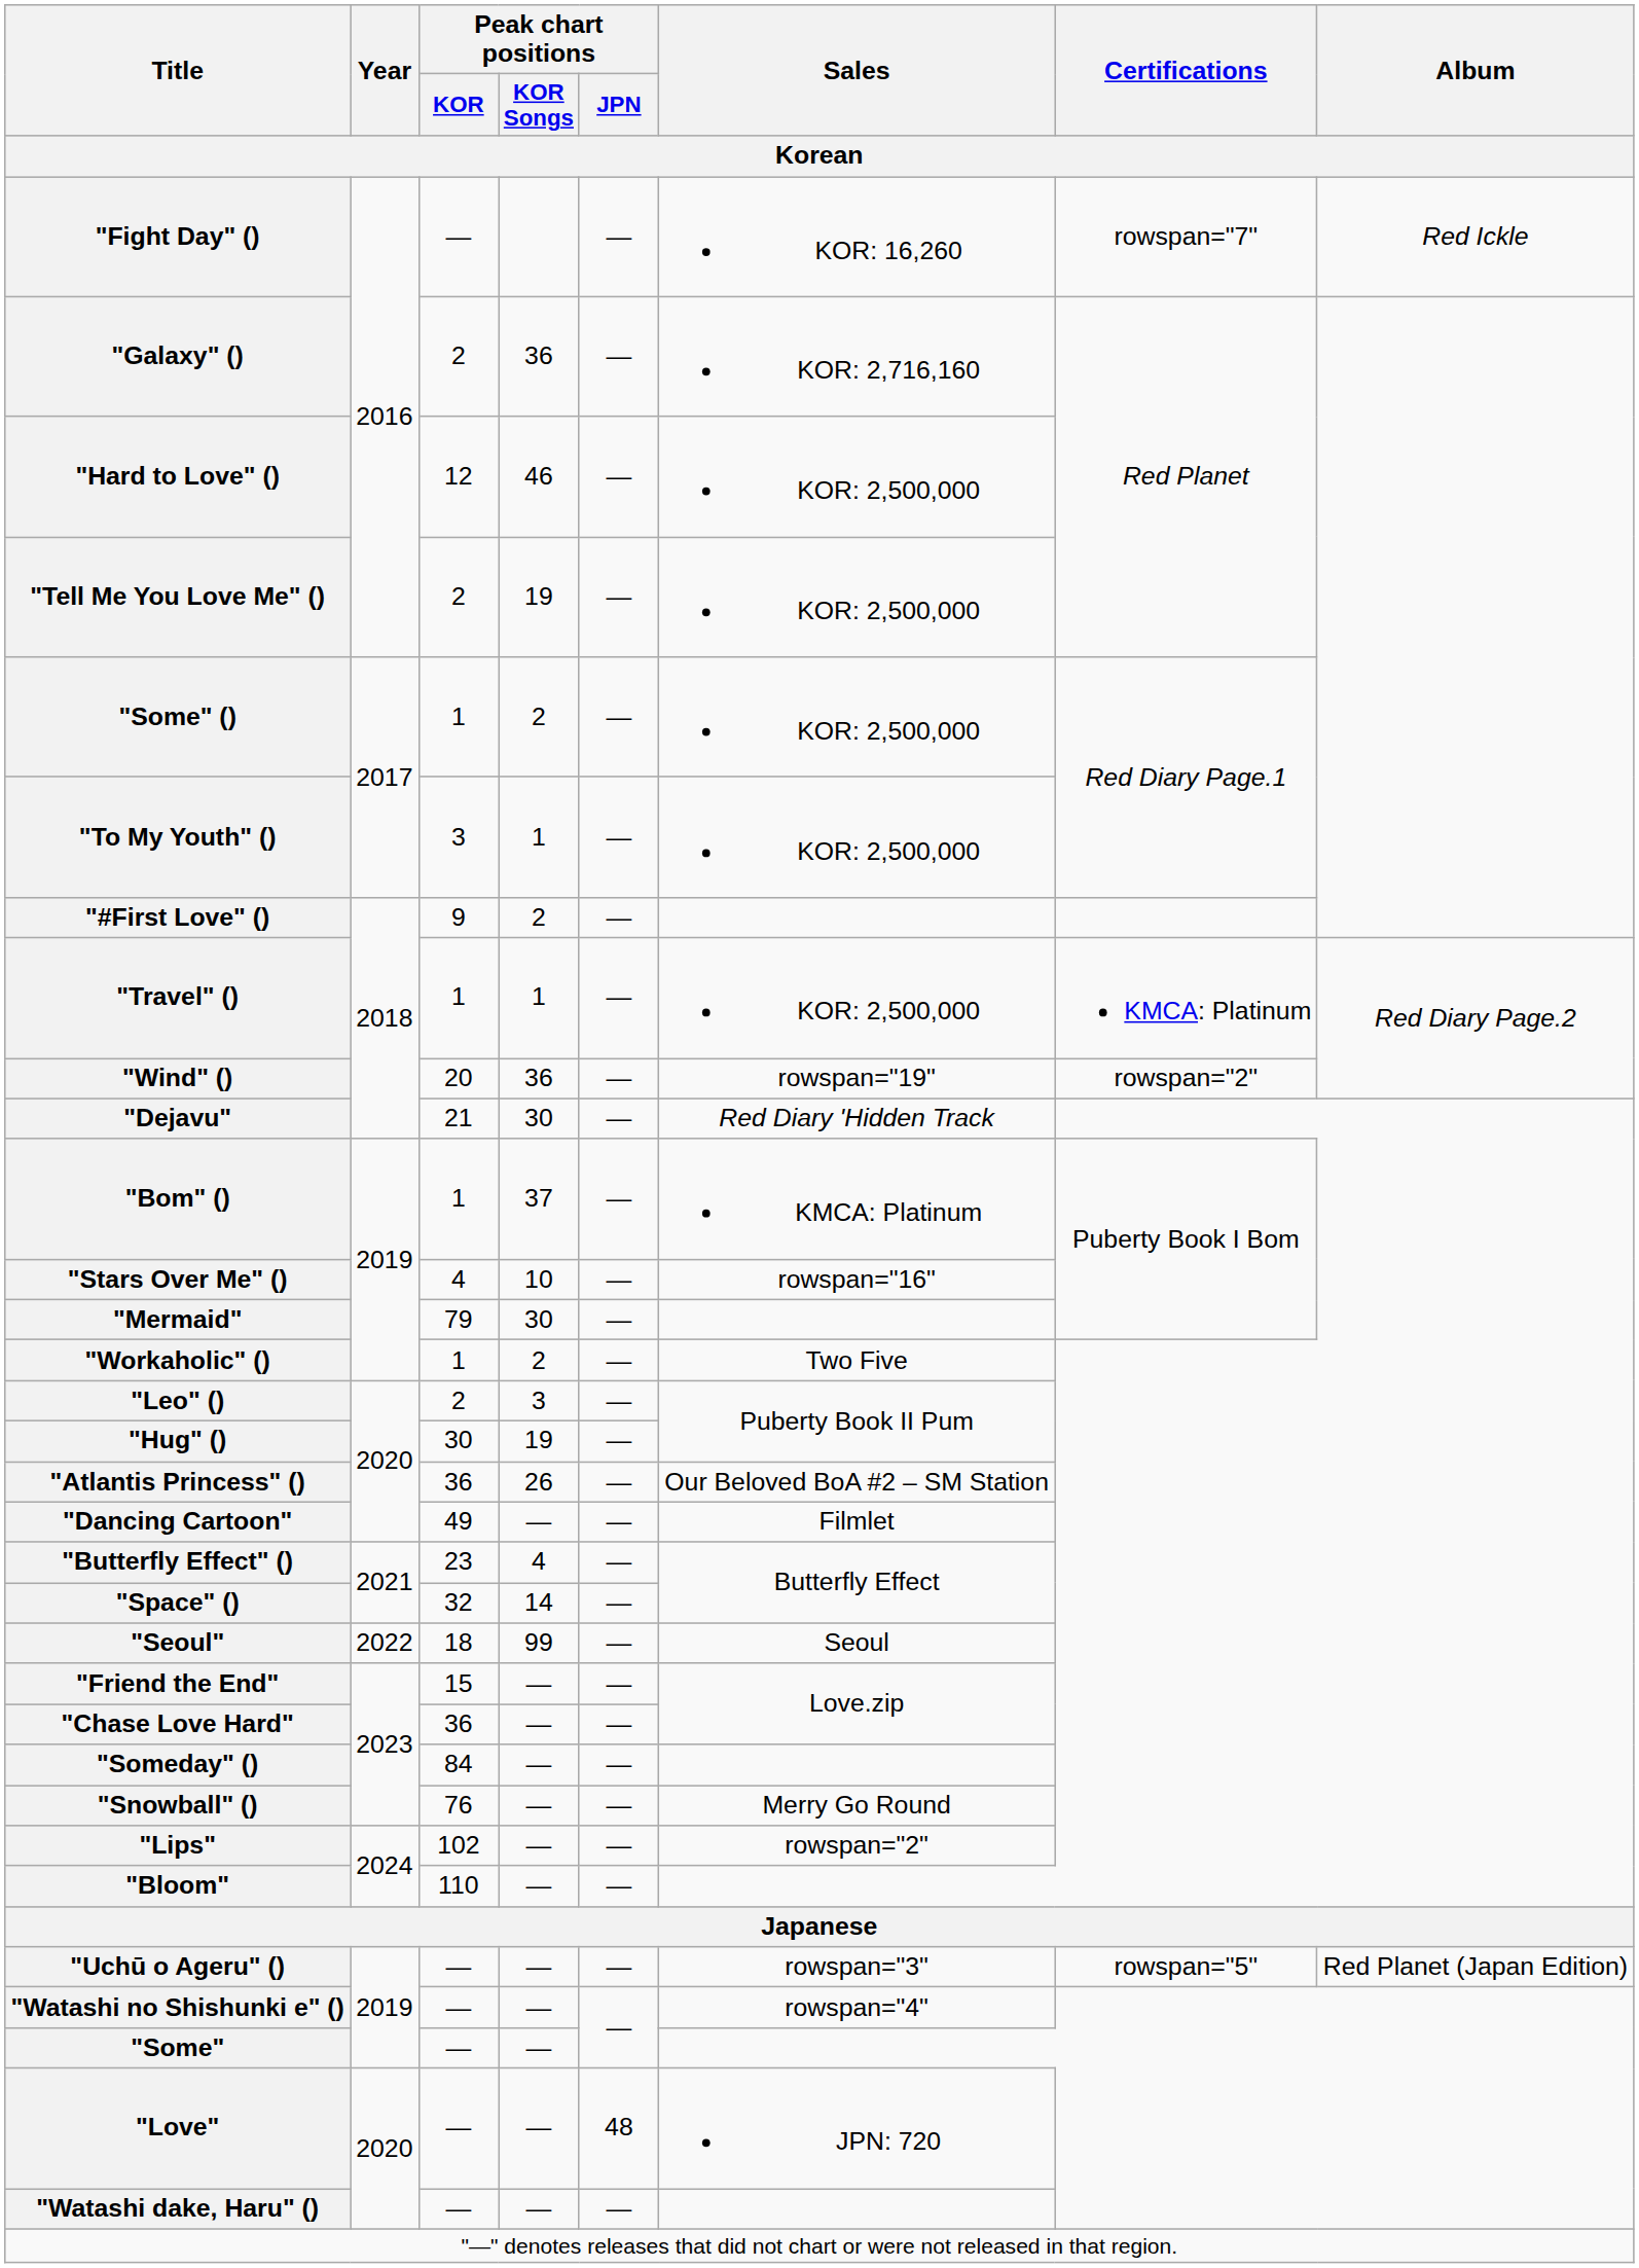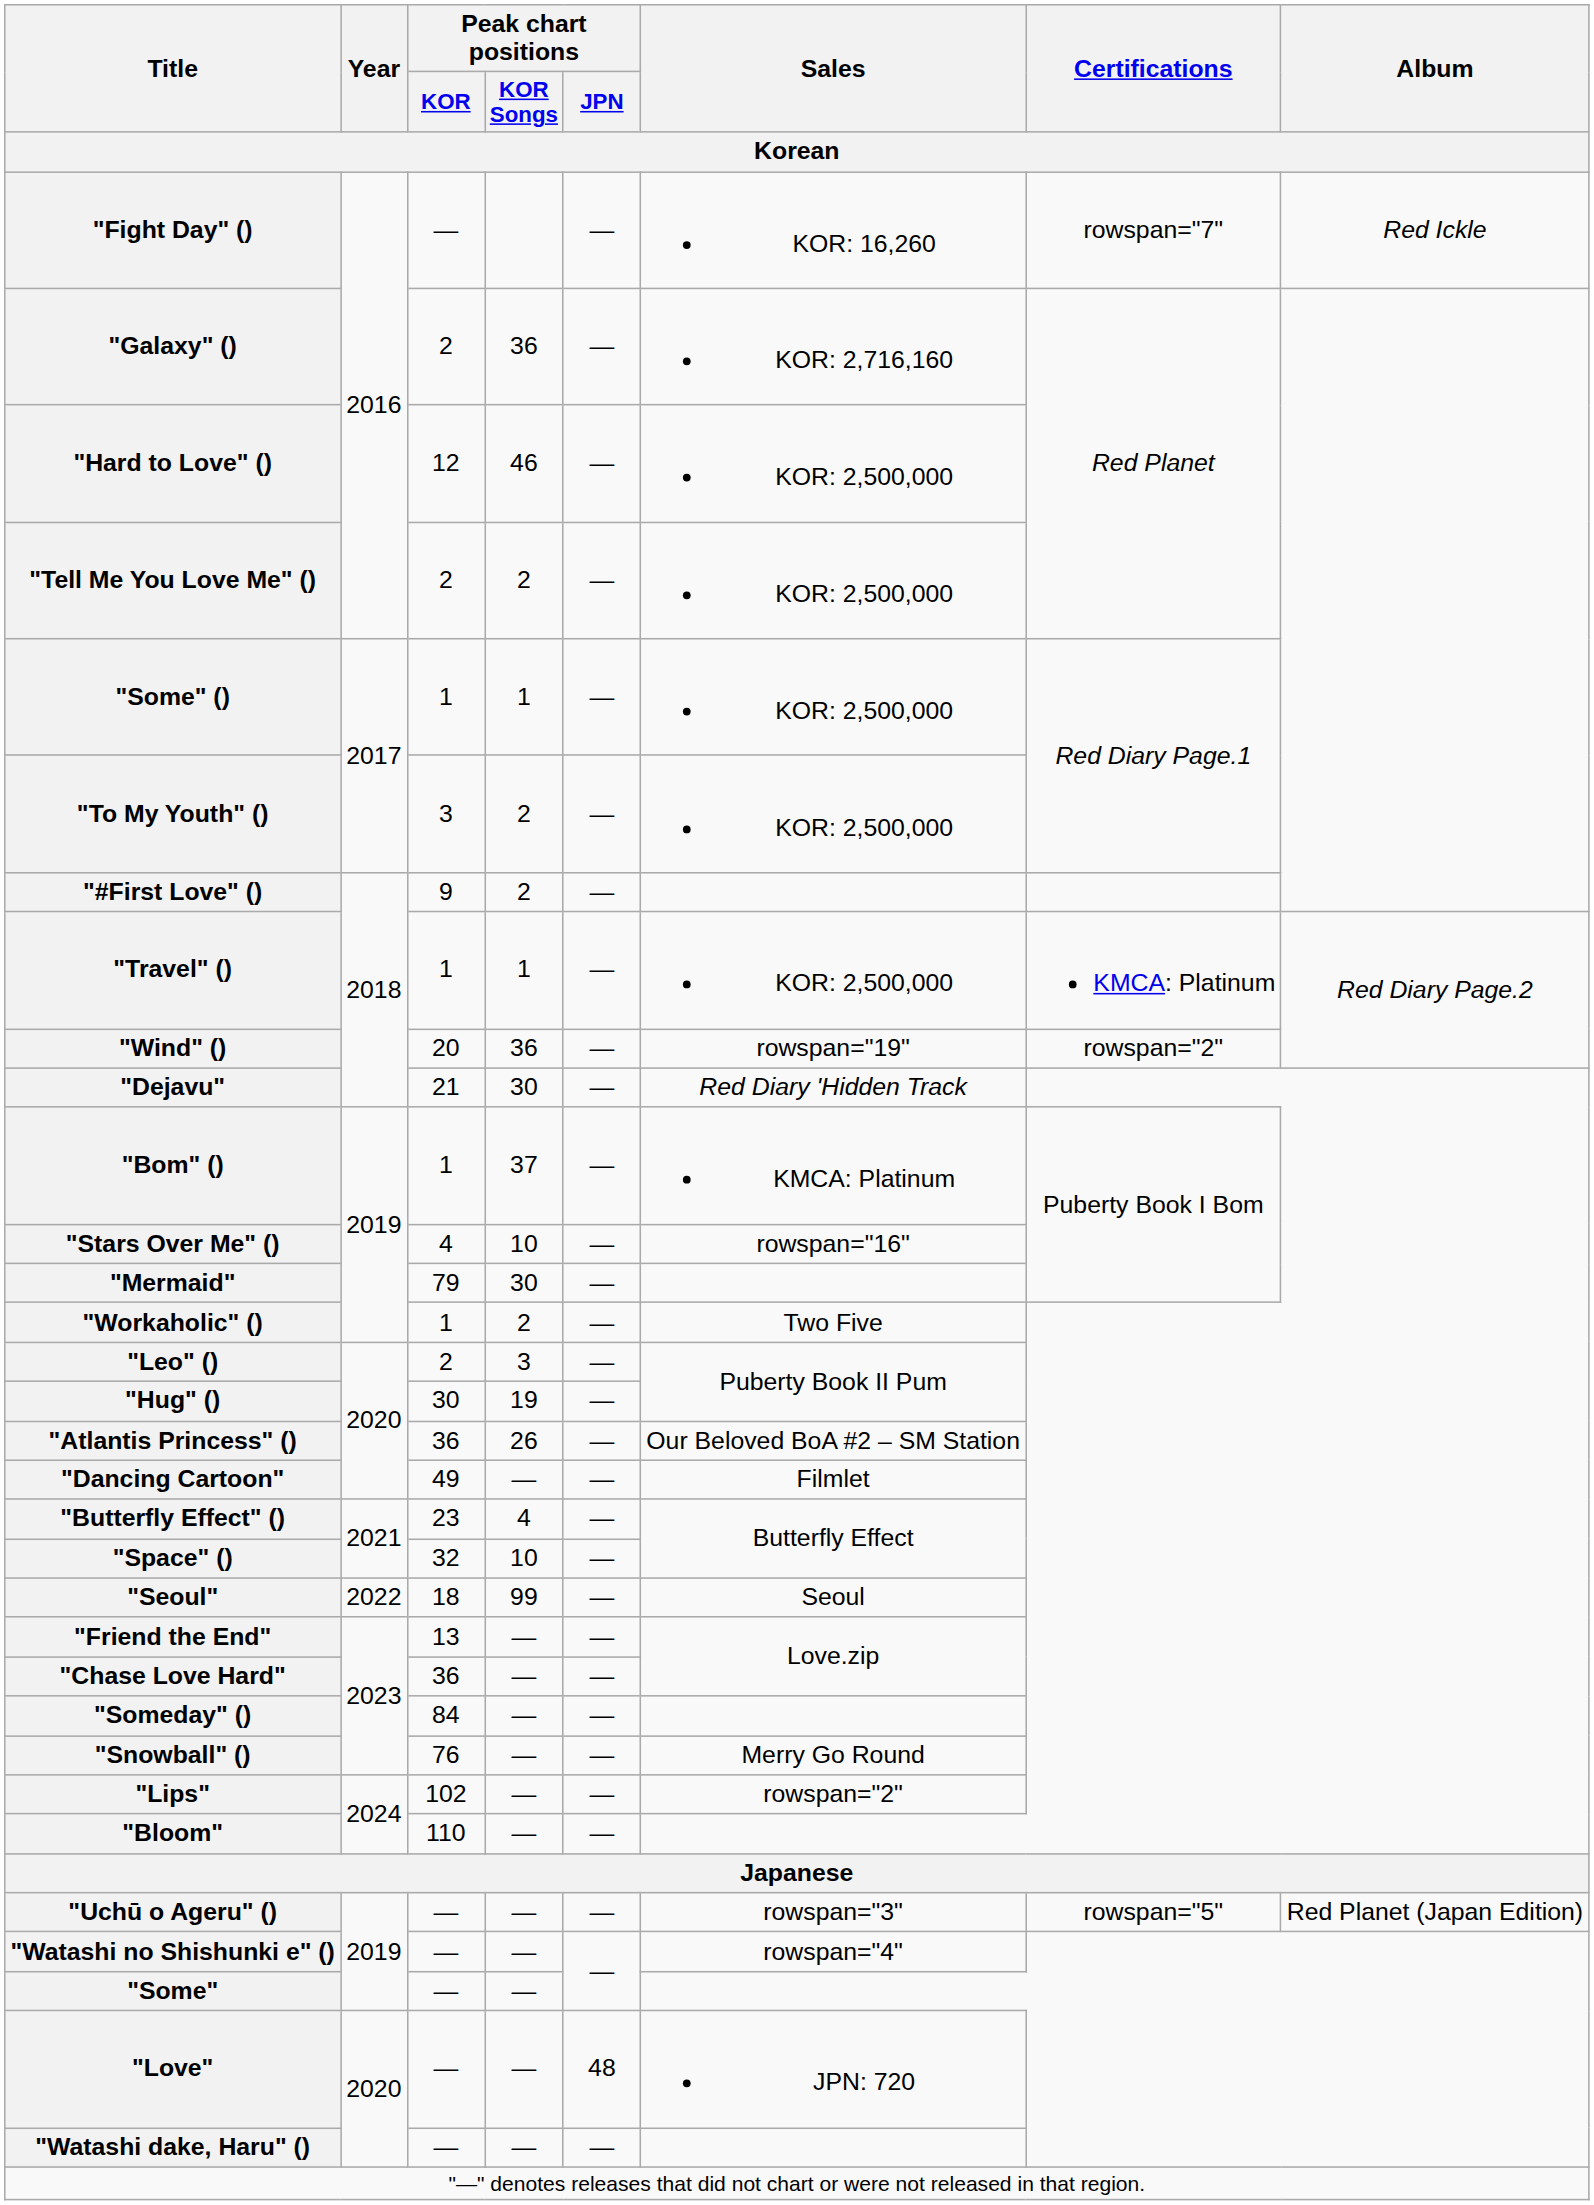 <table class="wikitable plainrowheaders" style="text-align:center;">
 <tr>
 <th scope="col" rowspan="2">Title</th>
 <th scope="col" rowspan="2">Year</th>
 <th scope="col" colspan="3">Peak chart positions</th>
 <th scope="col" rowspan="2">Sales</th>
 <th scope="col" rowspan="2"><a href='#'>Certifications</a></th>
 <th scope="col" rowspan="2">Album</th>
 </tr>
 <tr>
 <th scope="col" style="width:3em;font-size:90%;"><a href='#'>KOR</a><br></th>
 <th scope="col" style="width:3em;font-size:90%;"><a href='#'>KOR<br>Songs</a><br></th>
 <th scope="col" style="width:3em;font-size:90%;"><a href='#'>JPN</a><br></th>
 </tr>
 <tr>
 <th colspan="9">Korean</th>
 </tr>
 <tr>
 <th scope="row">"Fight Day" ()</th>
 <td rowspan="4">2016</td>
 <td>—</td>
 <td></td>
 <td>—</td>
 <td><br><ul><li>KOR: 16,260</li></ul></td>
 <td>rowspan="7" </td>
 <td><em>Red Ickle</em></td>
 </tr>
 <tr>
 <th scope="row">"Galaxy" ()</th>
 <td>2</td>
 <td>36</td>
 <td>—</td>
 <td><br><ul><li>KOR: 2,716,160</li></ul></td>
 <td rowspan="3"><em>Red Planet</em></td>
 </tr>
 <tr>
 <th scope="row">"Hard to Love" ()</th>
 <td>12</td>
 <td>46</td>
 <td>—</td>
 <td><br><ul><li>KOR: 2,500,000</li></ul></td>
 </tr>
 <tr>
 <th scope="row">"Tell Me You Love Me" ()</th>
 <td>2</td>
-<td>19</td>
+<td>2</td>
 <td>—</td>
 <td><br><ul><li>KOR: 2,500,000</li></ul></td>
 </tr>
 <tr>
 <th scope="row">"Some" ()</th>
 <td rowspan="2">2017</td>
 <td>1</td>
-<td>2</td>
+<td>1</td>
 <td>—</td>
 <td><br><ul><li>KOR: 2,500,000</li></ul></td>
 <td rowspan="2"><em>Red Diary Page.1</em></td>
 </tr>
 <tr>
 <th scope="row">"To My Youth" ()</th>
 <td>3</td>
-<td>1</td>
+<td>2</td>
 <td>—</td>
 <td><br><ul><li>KOR: 2,500,000</li></ul></td>
 </tr>
 <tr>
 <th scope="row">"#First Love" ()</th>
 <td rowspan="4">2018</td>
 <td>9</td>
 <td>2</td>
 <td>—</td>
 <td></td>
 <td></td>
 </tr>
 <tr>
 <th scope="row">"Travel" ()</th>
 <td>1</td>
 <td>1</td>
 <td>—</td>
 <td><br><ul><li>KOR: 2,500,000</li></ul></td>
 <td><br><ul><li><a href='#'>KMCA</a>: Platinum</li></ul></td>
 <td rowspan="2"><em>Red Diary Page.2</em></td>
 </tr>
 <tr>
 <th scope="row">"Wind" ()</th>
 <td>20</td>
 <td>36</td>
 <td>—</td>
 <td>rowspan="19" </td>
 <td>rowspan="2" </td>
 </tr>
 <tr>
 <th scope="row">"Dejavu"</th>
 <td>21</td>
 <td>30</td>
 <td>—</td>
 <td><em>Red Diary 'Hidden Track<strong></td>
 </tr>
 <tr>
 <th scope="row">"Bom" ()</th>
 <td rowspan="4">2019</td>
 <td>1</td>
 <td>37</td>
 <td>—</td>
 <td><br><ul><li>KMCA: Platinum</li></ul></td>
 <td rowspan="3"></em>Puberty Book I Bom<em></td>
 </tr>
 <tr>
 <th scope="row">"Stars Over Me" ()</th>
 <td>4</td>
 <td>10</td>
 <td>—</td>
 <td>rowspan="16" </td>
 </tr>
 <tr>
 <th scope="row">"Mermaid"</th>
 <td>79</td>
 <td>30</td>
 <td>—</td>
 </tr>
 <tr>
 <th scope="row">"Workaholic" ()</th>
 <td>1</td>
 <td>2</td>
 <td>—</td>
 <td></em>Two Five<em></td>
 </tr>
 <tr>
 <th scope="row">"Leo" () </th>
 <td rowspan="4">2020</td>
 <td>2</td>
 <td>3</td>
 <td>—</td>
 <td rowspan="2"></em>Puberty Book II Pum<em></td>
 </tr>
 <tr>
 <th scope="row">"Hug" ()</th>
 <td>30</td>
 <td>19</td>
 <td>—</td>
 </tr>
 <tr>
 <th scope="row">"Atlantis Princess" ()</th>
 <td>36</td>
 <td>26</td>
 <td>—</td>
 <td></em>Our Beloved BoA #2 – SM Station<em></td>
 </tr>
 <tr>
 <th scope="row">"Dancing Cartoon"</th>
 <td>49</td>
 <td>—</td>
 <td>—</td>
 <td></em>Filmlet<em></td>
 </tr>
 <tr>
 <th scope="row">"Butterfly Effect" ()</th>
 <td rowspan="2">2021</td>
 <td>23</td>
 <td>4</td>
 <td>—</td>
 <td rowspan="2"></em>Butterfly Effect<em></td>
 </tr>
 <tr>
 <th scope="row">"Space" ()</th>
 <td>32</td>
-<td>14</td>
+<td>10</td>
 <td>—</td>
 </tr>
 <tr>
 <th scope="row">"Seoul"</th>
 <td>2022</td>
 <td>18</td>
 <td>99</td>
 <td>—</td>
 <td></em>Seoul<em></td>
 </tr>
 <tr>
 <th scope="row">"Friend the End"</th>
 <td rowspan="4">2023</td>
-<td>15</td>
+<td>13</td>
 <td>—</td>
 <td>—</td>
 <td rowspan="2"></em>Love.zip<em></td>
 </tr>
 <tr>
 <th scope="row">"Chase Love Hard"<br></th>
 <td>36</td>
 <td>—</td>
 <td>—</td>
 </tr>
 <tr>
 <th scope="row">"Someday" ()<br></th>
 <td>84</td>
 <td>—</td>
 <td>—</td>
 <td></td>
 </tr>
 <tr>
 <th scope="row">"Snowball" ()</th>
 <td>76</td>
 <td>—</td>
 <td>—</td>
 <td></em>Merry Go Round<em></td>
 </tr>
 <tr>
 <th scope="row">"Lips"<br></th>
 <td rowspan="2">2024</td>
 <td>102</td>
 <td>—</td>
 <td>—</td>
 <td>rowspan="2" </td>
 </tr>
 <tr>
 <th scope="row">"Bloom"</th>
 <td>110</td>
 <td>—</td>
 <td>—</td>
 </tr>
 <tr>
 <th colspan="9">Japanese</th>
 </tr>
 <tr>
 <th scope="row">"Uchū o Ageru" ()</th>
 <td rowspan="3">2019</td>
 <td>—</td>
 <td>—</td>
 <td>—</td>
 <td>rowspan="3" </td>
 <td>rowspan="5" </td>
 <td></em>Red Planet (Japan Edition)<em></td>
 </tr>
 <tr>
 <th scope="row">"Watashi no Shishunki e" ()</th>
 <td>—</td>
 <td>—</td>
 <td rowspan="2">—</td>
 <td>rowspan="4" </td>
 </tr>
 <tr>
 <th scope="row">"Some"</th>
 <td>—</td>
 <td>—</td>
 </tr>
 <tr>
 <th scope="row">"Love"</th>
 <td rowspan="2">2020</td>
 <td>—</td>
 <td>—</td>
 <td>48</td>
 <td><br><ul><li>JPN: 720 </li></ul></td>
 </tr>
 <tr>
 <th scope="row">"Watashi dake, Haru" ()</th>
 <td>—</td>
 <td>—</td>
 <td>—</td>
 <td></td>
 </tr>
 <tr>
 <td colspan="9" style="font-size:85%;">"—" denotes releases that did not chart or were not released in that region.</td>
 </tr>
 </table>
